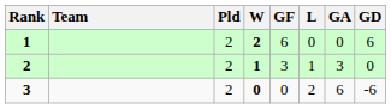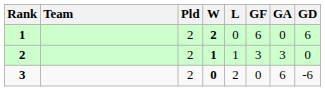 <table class="wikitable" style="text-align: center;">
 <tr>
 <th width=30>Rank</th>
 <th width=165 style="text-align:left;">Team</th>
 <th width=20>Pld</th>
 <th width=20>W</th>
+<th width=20>L</th>
 <th width=20>GF</th>
-<th width=20>L</th>
 <th width=20>GA</th>
 <th width=20>GD</th>
 </tr>
 <tr style="background:#ccffcc;">
 <td><strong>1</strong></td>
 <td style="text-align:left;"></td>
 <td>2</td>
 <td><strong>2</strong></td>
+<td>0</td>
 <td>6</td>
-<td>0</td>
 <td>0</td>
 <td>6</td>
 </tr>
 <tr style="background:#ccffcc;">
 <td><strong>2</strong></td>
 <td style="text-align:left;"></td>
 <td>2</td>
 <td><strong>1</strong></td>
+<td>1</td>
 <td>3</td>
-<td>1</td>
 <td>3</td>
 <td>0</td>
 </tr>
 <tr>
 <td><strong>3</strong></td>
 <td style="text-align:left;"></td>
 <td>2</td>
 <td><strong>0</strong></td>
+<td>2</td>
 <td>0</td>
-<td>2</td>
 <td>6</td>
 <td>-6</td>
 </tr>
 </table>
